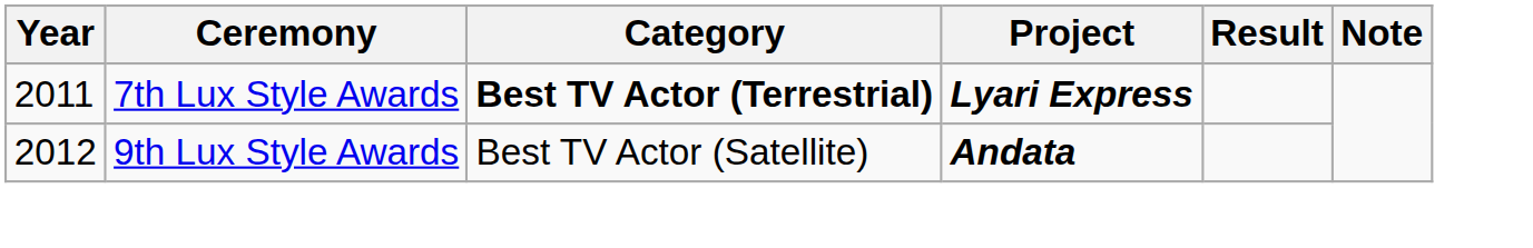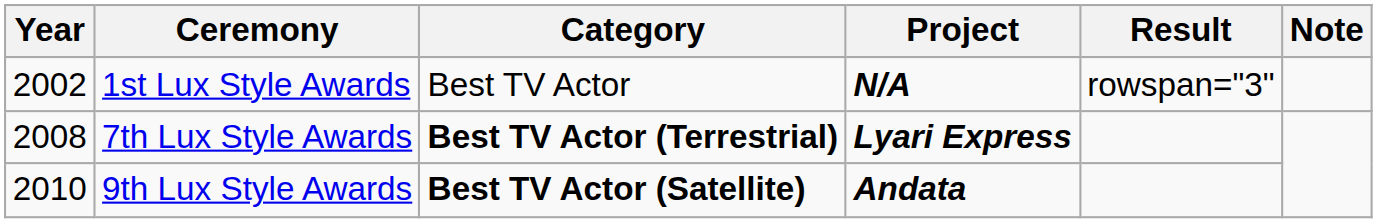 <table class="wikitable style">
 <tr>
 <th>Year</th>
 <th>Ceremony</th>
 <th>Category</th>
 <th>Project</th>
 <th>Result</th>
 <th>Note</th>
 </tr>
 <tr>
-<td>2011</td>
+<td>2002</td>
+<td><a href='#'>1st Lux Style Awards</a></td>
+<td>Best TV Actor</td>
+<td><strong><em>N/A</em></strong></td>
+<td>rowspan="3" </td>
+<td></td>
+</tr>
+<tr>
+<td>2008</td>
 <td><a href='#'>7th Lux Style Awards</a></td>
 <td><strong>Best TV Actor (Terrestrial)</strong></td>
 <td><strong><em>Lyari Express </em></strong></td>
 <td></td>
 </tr>
 <tr>
-<td>2012</td>
+<td>2010</td>
 <td><a href='#'>9th Lux Style Awards</a></td>
-<td>Best TV Actor (Satellite)</td>
+<td><strong>Best TV Actor (Satellite)</strong></td>
 <td><strong><em>Andata</em></strong></td>
 <td></td>
 </tr>
 </table>
